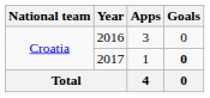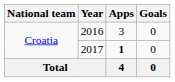 <table class="wikitable" style="text-align:center">
 <tr>
 <th>National team</th>
 <th>Year</th>
 <th>Apps</th>
 <th>Goals</th>
 </tr>
 <tr>
 <td rowspan="2"><a href='#'>Croatia</a></td>
 <td>2016</td>
 <td>3</td>
 <td>0</td>
 </tr>
 <tr>
 <td>2017</td>
-<td>1</td>
-<td><strong>0</strong></td>
+<td><strong>1</strong></td>
+<td>0</td>
 </tr>
 <tr>
 <th colspan="2">Total</th>
 <th>4</th>
 <th>0</th>
 </tr>
 </table>
